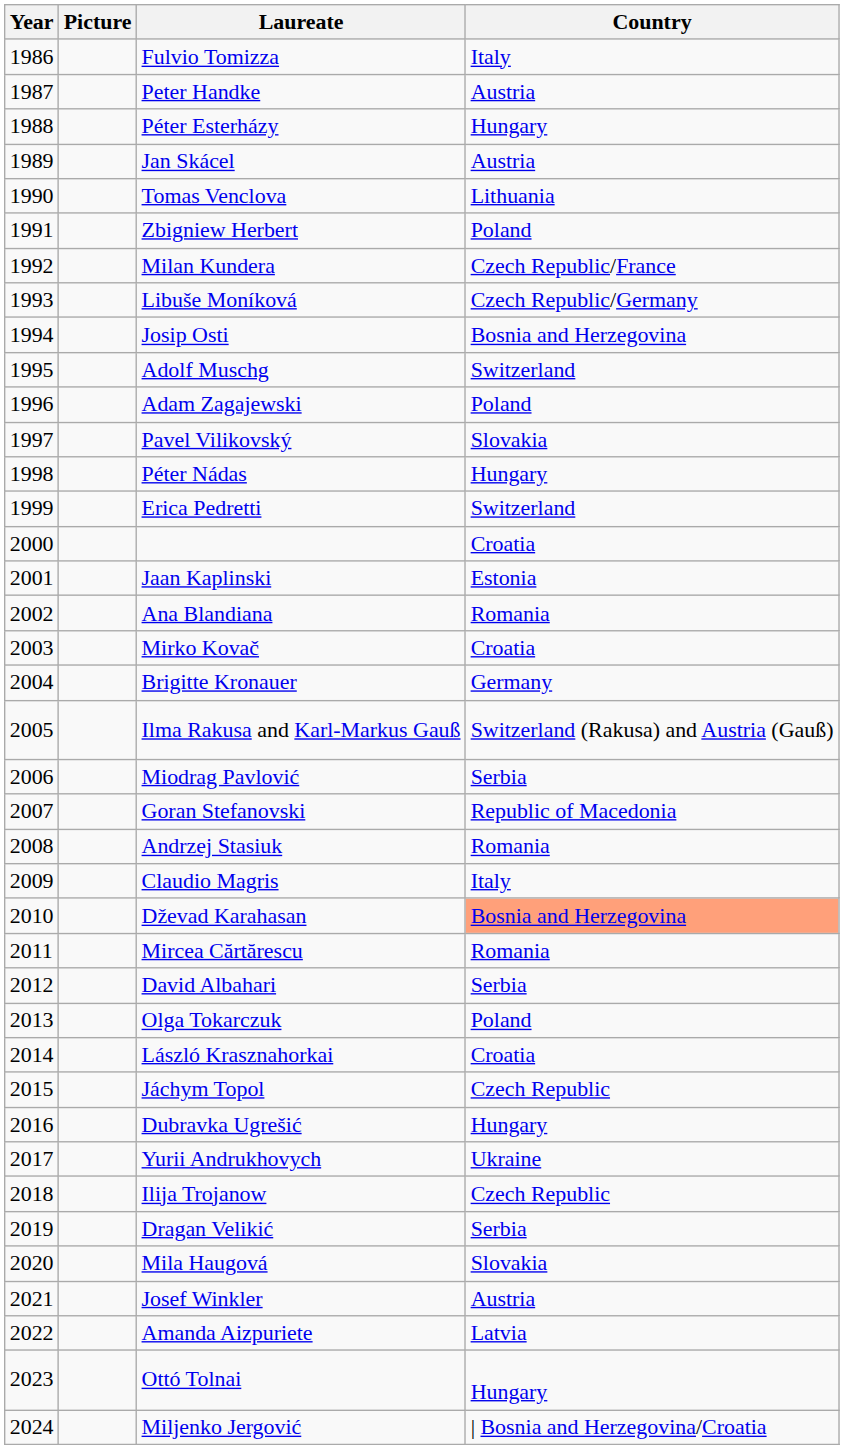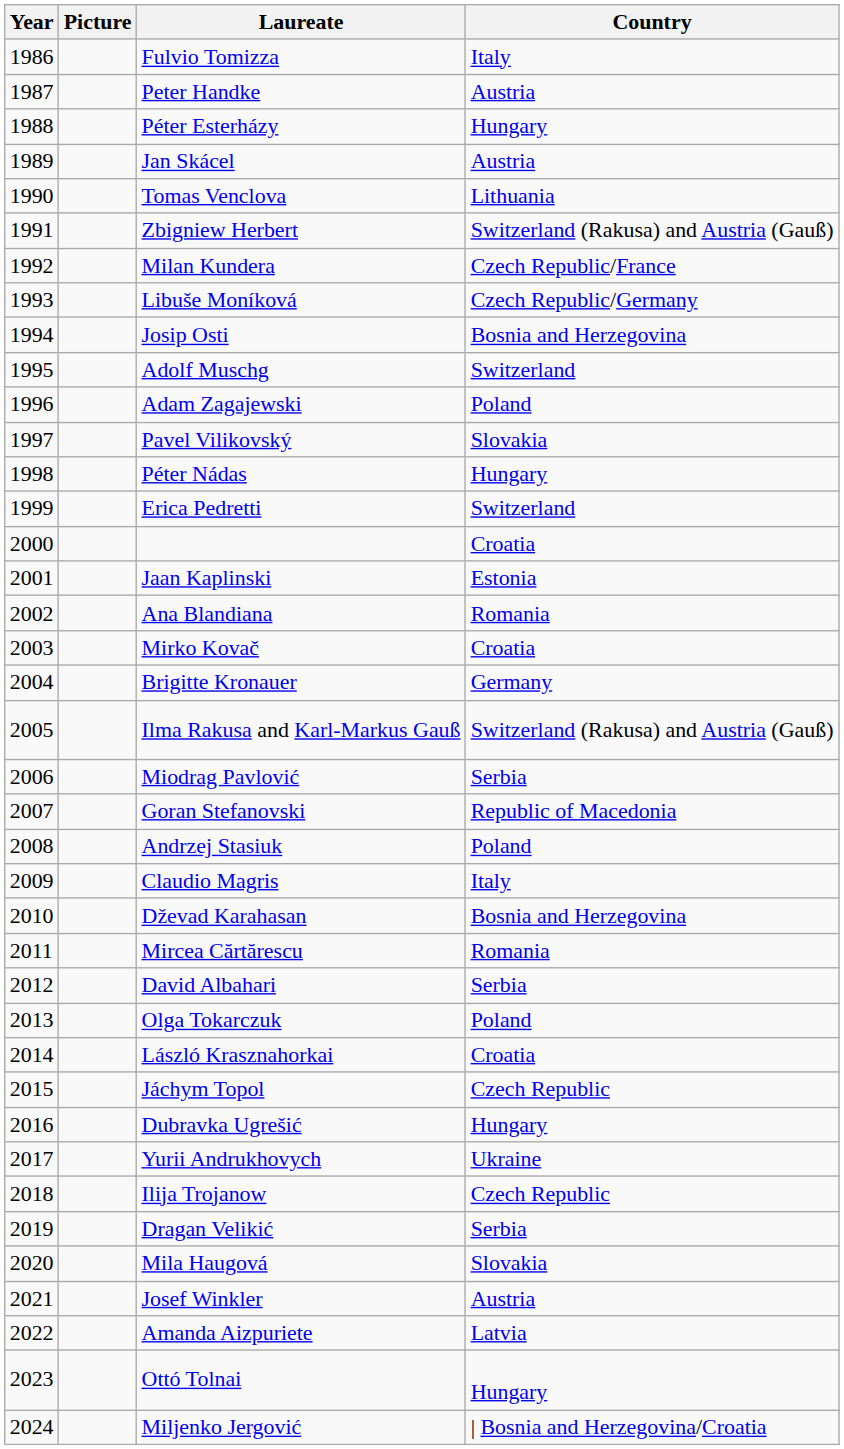 <table class="wikitable sortable">
 <tr>
 <th>Year</th>
 <th class=unsortable>Picture</th>
 <th>Laureate</th>
 <th>Country</th>
 </tr>
 <tr>
 <td>1986</td>
 <td></td>
 <td><a href='#'>Fulvio Tomizza</a></td>
 <td data-sort-value="Italy"> <a href='#'>Italy</a></td>
 </tr>
 <tr>
 <td>1987</td>
 <td></td>
 <td><a href='#'>Peter Handke</a></td>
 <td data-sort-value="Austria"> <a href='#'>Austria</a></td>
 </tr>
 <tr>
 <td>1988</td>
 <td></td>
 <td><a href='#'>Péter Esterházy</a></td>
 <td data-sort-value="Hungary"> <a href='#'>Hungary</a></td>
 </tr>
 <tr>
 <td>1989</td>
 <td></td>
 <td><a href='#'>Jan Skácel</a></td>
 <td data-sort-value="Austria">  <a href='#'>Austria</a></td>
 </tr>
 <tr>
 <td>1990</td>
 <td></td>
 <td><a href='#'>Tomas Venclova</a></td>
 <td data-sort-value="Lithuania"> <a href='#'>Lithuania</a></td>
 </tr>
 <tr>
 <td>1991</td>
 <td></td>
 <td><a href='#'>Zbigniew Herbert</a></td>
-<td data-sort-value="Poland"> <a href='#'>Poland</a></td>
+<td data-sort-value="Austria">  <a href='#'>Switzerland</a> (Rakusa) and <a href='#'>Austria</a> (Gauß)</td>
 </tr>
 <tr>
 <td>1992</td>
 <td></td>
 <td><a href='#'>Milan Kundera</a></td>
 <td data-sort-value="Czech Republic">  <a href='#'>Czech Republic</a>/<a href='#'>France</a></td>
 </tr>
 <tr>
 <td>1993</td>
 <td></td>
 <td><a href='#'>Libuše Moníková</a></td>
 <td data-sort-value="Czech Republic">  <a href='#'>Czech Republic</a>/<a href='#'>Germany</a></td>
 </tr>
 <tr>
 <td>1994</td>
 <td></td>
 <td><a href='#'>Josip Osti</a></td>
 <td data-sort-value="Bosnia and Herzegovina">  <a href='#'>Bosnia and Herzegovina</a></td>
 </tr>
 <tr>
 <td>1995</td>
 <td></td>
 <td><a href='#'>Adolf Muschg</a></td>
 <td data-sort-value="Switzerland">  <a href='#'>Switzerland</a></td>
 </tr>
 <tr>
 <td>1996</td>
 <td></td>
 <td><a href='#'>Adam Zagajewski</a></td>
 <td data-sort-value="Poland">  <a href='#'>Poland</a></td>
 </tr>
 <tr>
 <td>1997</td>
 <td></td>
 <td><a href='#'>Pavel Vilikovský</a></td>
 <td data-sort-value="Slovakia">  <a href='#'>Slovakia</a></td>
 </tr>
 <tr>
 <td>1998</td>
 <td></td>
 <td><a href='#'>Péter Nádas</a></td>
 <td data-sort-value="Hungary">  <a href='#'>Hungary</a></td>
 </tr>
 <tr>
 <td>1999</td>
 <td></td>
 <td><a href='#'>Erica Pedretti</a></td>
 <td data-sort-value="Switzerland">  <a href='#'>Switzerland</a></td>
 </tr>
 <tr>
 <td>2000</td>
 <td></td>
 <td></td>
 <td data-sort-value="Croatia">  <a href='#'>Croatia</a></td>
 </tr>
 <tr>
 <td>2001</td>
 <td></td>
 <td><a href='#'>Jaan Kaplinski</a></td>
 <td data-sort-value="Estonia">  <a href='#'>Estonia</a></td>
 </tr>
 <tr>
 <td>2002</td>
 <td></td>
 <td><a href='#'>Ana Blandiana</a></td>
 <td data-sort-value="Romania">  <a href='#'>Romania</a></td>
 </tr>
 <tr>
 <td>2003</td>
 <td></td>
 <td><a href='#'>Mirko Kovač</a></td>
 <td data-sort-value="Croatia">  <a href='#'>Croatia</a></td>
 </tr>
 <tr>
 <td>2004</td>
 <td></td>
 <td><a href='#'>Brigitte Kronauer</a></td>
 <td data-sort-value="Germany">  <a href='#'>Germany</a></td>
 </tr>
 <tr>
 <td>2005</td>
 <td><br><br></td>
 <td><a href='#'>Ilma Rakusa</a> and <a href='#'>Karl-Markus Gauß</a></td>
 <td data-sort-value="Austria">  <a href='#'>Switzerland</a> (Rakusa) and <a href='#'>Austria</a> (Gauß)</td>
 </tr>
 <tr>
 <td>2006</td>
 <td></td>
 <td><a href='#'>Miodrag Pavlović</a></td>
 <td data-sort-value="Serbia">  <a href='#'>Serbia</a></td>
 </tr>
 <tr>
 <td>2007</td>
 <td></td>
 <td><a href='#'>Goran Stefanovski</a></td>
 <td data-sort-value="Macedonia">  <a href='#'>Republic of Macedonia</a></td>
 </tr>
 <tr>
 <td>2008</td>
 <td></td>
 <td><a href='#'>Andrzej Stasiuk</a></td>
-<td data-sort-value="Romania">  <a href='#'>Romania</a></td>
+<td data-sort-value="Poland">  <a href='#'>Poland</a></td>
 </tr>
 <tr>
 <td>2009</td>
 <td></td>
 <td><a href='#'>Claudio Magris</a></td>
 <td data-sort-value="Italy">  <a href='#'>Italy</a></td>
 </tr>
 <tr>
 <td>2010</td>
 <td></td>
 <td><a href='#'>Dževad Karahasan</a></td>
-<td data-sort-value="Bosnia and Herzegovina" style="background: lightsalmon;">  <a href='#'>Bosnia and Herzegovina</a></td>
+<td data-sort-value="Bosnia and Herzegovina">  <a href='#'>Bosnia and Herzegovina</a></td>
 </tr>
 <tr>
 <td>2011</td>
 <td></td>
 <td><a href='#'>Mircea Cărtărescu</a></td>
 <td data-sort-value="Romania">  <a href='#'>Romania</a></td>
 </tr>
 <tr>
 <td>2012</td>
 <td></td>
 <td><a href='#'>David Albahari</a></td>
 <td data-sort-value="Serbia">  <a href='#'>Serbia</a></td>
 </tr>
 <tr>
 <td>2013</td>
 <td></td>
 <td><a href='#'>Olga Tokarczuk</a></td>
 <td data-sort-value="Poland">  <a href='#'>Poland</a></td>
 </tr>
 <tr>
 <td>2014</td>
 <td></td>
 <td><a href='#'>László Krasznahorkai</a></td>
 <td data-sort-value="Croatia">  <a href='#'>Croatia</a></td>
 </tr>
 <tr>
 <td>2015</td>
 <td></td>
 <td><a href='#'>Jáchym Topol</a></td>
 <td data-sort-value="Czech Republic">  <a href='#'>Czech Republic</a></td>
 </tr>
 <tr>
 <td>2016</td>
 <td></td>
 <td><a href='#'>Dubravka Ugrešić</a></td>
 <td data-sort-value="Hungary">  <a href='#'>Hungary</a></td>
 </tr>
 <tr>
 <td>2017</td>
 <td></td>
 <td><a href='#'>Yurii Andrukhovych</a></td>
 <td data-sort-value="Ukraine">  <a href='#'>Ukraine</a></td>
 </tr>
 <tr>
 <td>2018</td>
 <td></td>
 <td><a href='#'>Ilija Trojanow</a></td>
 <td data-sort-value="Czech Republic"> <a href='#'>Czech Republic</a></td>
 </tr>
 <tr>
 <td>2019</td>
 <td></td>
 <td><a href='#'>Dragan Velikić</a></td>
 <td data-sort-value="Serbia">  <a href='#'>Serbia</a></td>
 </tr>
 <tr>
 <td>2020</td>
 <td></td>
 <td><a href='#'>Mila Haugová</a></td>
 <td data-sort-value="Slovakia">  <a href='#'>Slovakia</a></td>
 </tr>
 <tr>
 <td>2021</td>
 <td></td>
 <td><a href='#'>Josef Winkler</a></td>
 <td data-sort-value="Austria">  <a href='#'>Austria</a></td>
 </tr>
 <tr>
 <td>2022</td>
 <td></td>
 <td><a href='#'>Amanda Aizpuriete</a></td>
 <td data-sort-value="Latvia">  <a href='#'>Latvia</a></td>
 </tr>
 <tr>
 <td>2023</td>
 <td></td>
 <td><a href='#'>Ottó Tolnai</a></td>
 <td data-sort-value="Hungary"><br> <a href='#'>Hungary</a></td>
 </tr>
 <tr>
 <td>2024</td>
 <td></td>
 <td><a href='#'>Miljenko Jergović</a></td>
 <td data-sort-value=„Bosnia and Hercegowina”>|    <a href='#'>Bosnia and Herzegovina</a>/<a href='#'>Croatia</a></td>
 </tr>
 <tr>
 </tr>
 </table>
